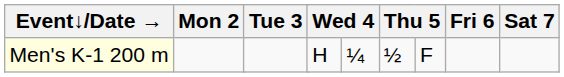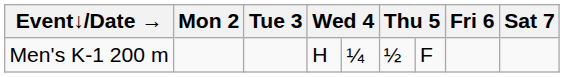 <table class="wikitable olympic-schedule canoeing">
 <tr>
 <th>Event↓/Date →</th>
 <th colspan="2">Mon 2</th>
 <th colspan="2">Tue 3</th>
 <th colspan="2">Wed 4</th>
 <th colspan="2">Thu 5</th>
 <th colspan="2">Fri 6</th>
 <th colspan="2">Sat 7</th>
 </tr>
 <tr>
-<td class="event" style="background: lightyellow;">Men's K-1 200 m</td>
+<td class="event">Men's K-1 200 m</td>
 <td colspan="2"></td>
 <td colspan="2"></td>
 <td class="heats">H</td>
 <td class="quarterfinals">¼</td>
 <td class="semifinals">½</td>
 <td class="final">F</td>
 <td colspan="2"></td>
 <td colspan="2"></td>
 </tr>
 </table>
